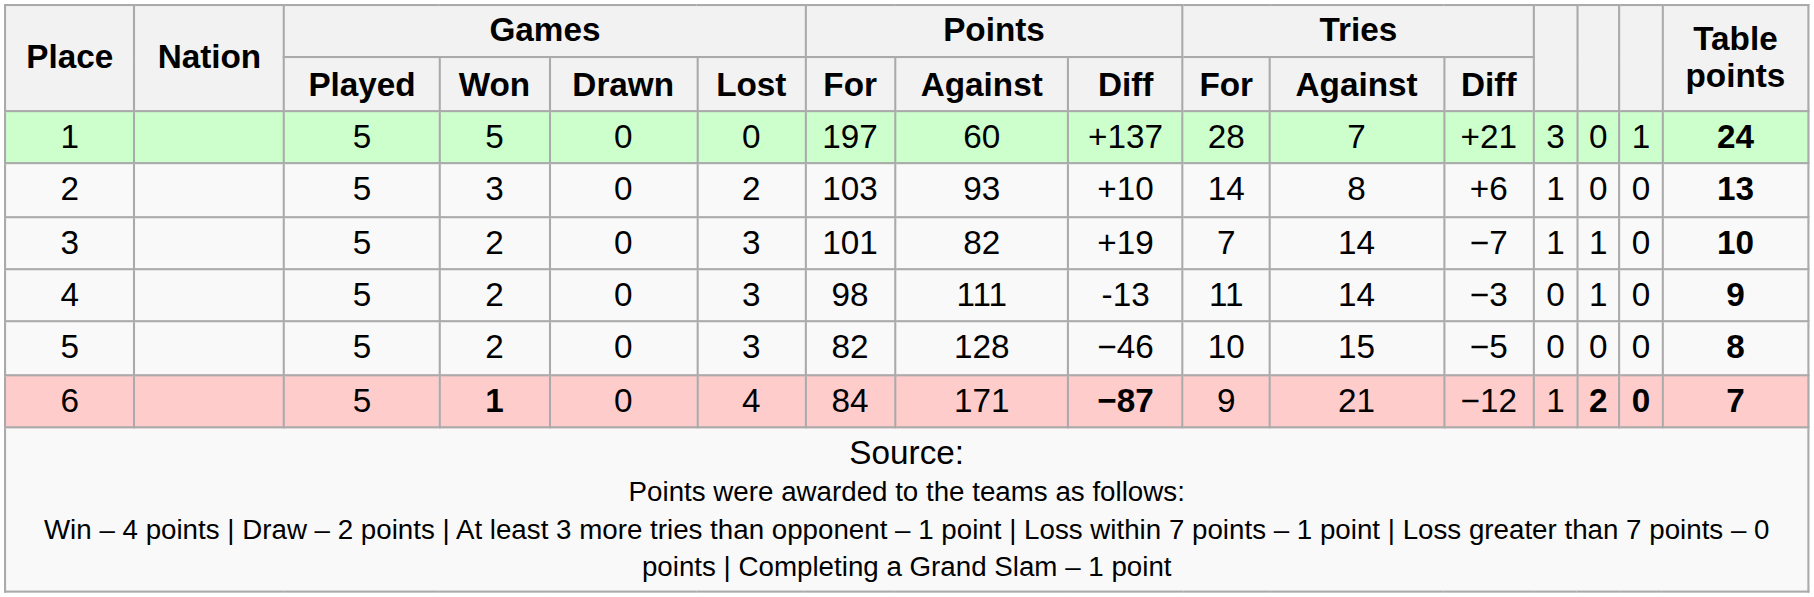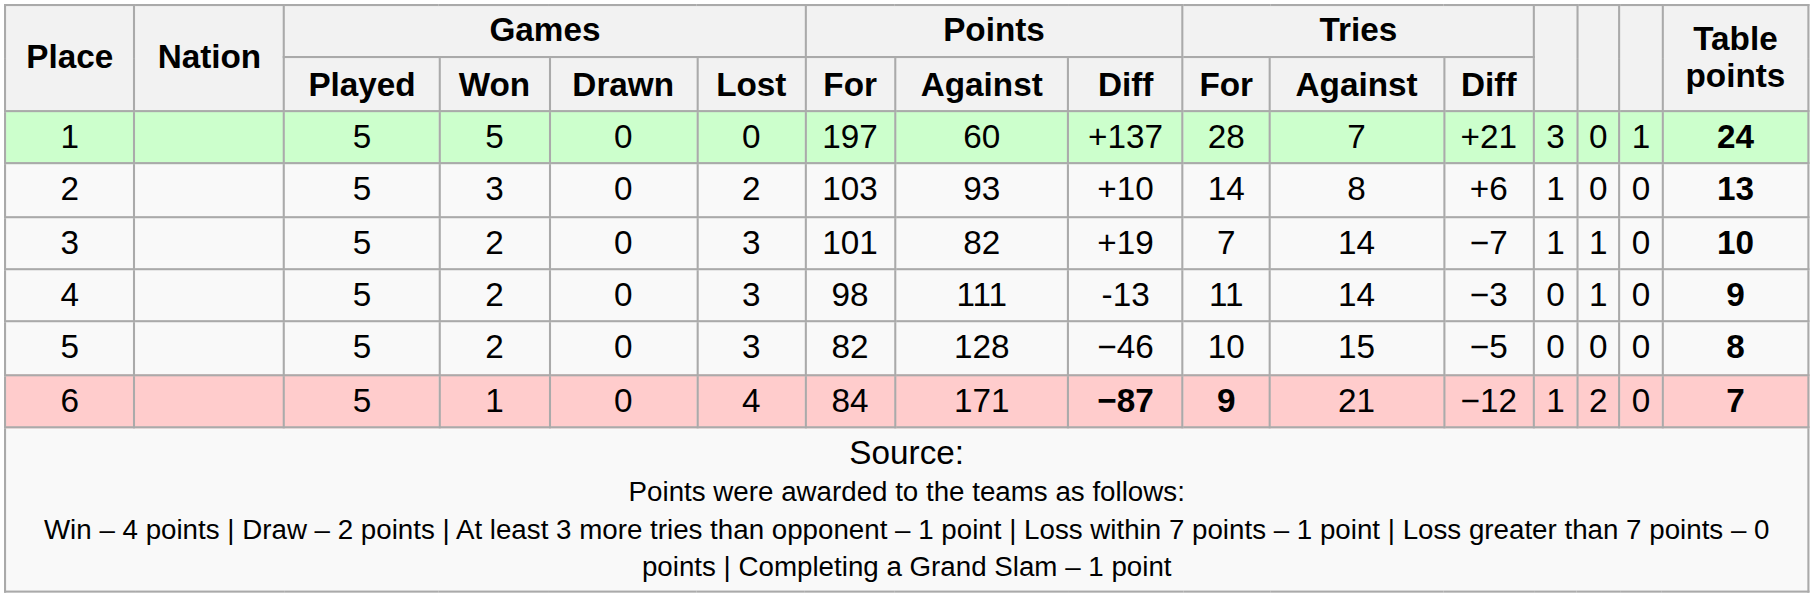 <table class="wikitable" style="text-align:center">
 <tr>
 <th rowspan="2">Place</th>
 <th rowspan="2">Nation</th>
 <th colspan="4">Games</th>
 <th colspan="3">Points</th>
 <th colspan="3">Tries</th>
 <th rowspan="2"></th>
 <th rowspan="2"></th>
 <th rowspan="2"></th>
 <th rowspan="2">Table<br>points</th>
 </tr>
 <tr>
 <th>Played</th>
 <th>Won</th>
 <th>Drawn</th>
 <th>Lost</th>
 <th>For</th>
 <th>Against</th>
 <th>Diff</th>
 <th>For</th>
 <th>Against</th>
 <th>Diff</th>
 </tr>
 <tr bgcolor="#ccffcc">
 <td>1</td>
 <td align=left></td>
 <td>5</td>
 <td>5</td>
 <td>0</td>
 <td>0</td>
 <td>197</td>
 <td>60</td>
 <td>+137</td>
 <td>28</td>
 <td>7</td>
 <td>+21</td>
 <td>3</td>
 <td>0</td>
 <td>1</td>
 <td><strong>24</strong></td>
 </tr>
 <tr>
 <td>2</td>
 <td align=left></td>
 <td>5</td>
 <td>3</td>
 <td>0</td>
 <td>2</td>
 <td>103</td>
 <td>93</td>
 <td>+10</td>
 <td>14</td>
 <td>8</td>
 <td>+6</td>
 <td>1</td>
 <td>0</td>
 <td>0</td>
 <td><strong>13</strong></td>
 </tr>
 <tr>
 <td>3</td>
 <td align=left></td>
 <td>5</td>
 <td>2</td>
 <td>0</td>
 <td>3</td>
 <td>101</td>
 <td>82</td>
 <td>+19</td>
 <td>7</td>
 <td>14</td>
 <td>−7</td>
 <td>1</td>
 <td>1</td>
 <td>0</td>
 <td><strong>10</strong></td>
 </tr>
 <tr>
 <td>4</td>
 <td align=left></td>
 <td>5</td>
 <td>2</td>
 <td>0</td>
 <td>3</td>
 <td>98</td>
 <td>111</td>
 <td>-13</td>
 <td>11</td>
 <td>14</td>
 <td>−3</td>
 <td>0</td>
 <td>1</td>
 <td>0</td>
 <td><strong>9</strong></td>
 </tr>
 <tr>
 <td>5</td>
 <td align=left></td>
 <td>5</td>
 <td>2</td>
 <td>0</td>
 <td>3</td>
 <td>82</td>
 <td>128</td>
 <td>−46</td>
 <td>10</td>
 <td>15</td>
 <td>−5</td>
 <td>0</td>
 <td>0</td>
 <td>0</td>
 <td><strong>8</strong></td>
 </tr>
 <tr bgcolor="#ffcccc">
 <td>6</td>
 <td align=left></td>
 <td>5</td>
-<td><strong>1</strong></td>
+<td>1</td>
 <td>0</td>
 <td>4</td>
 <td>84</td>
 <td>171</td>
 <td><strong>−87</strong></td>
-<td>9</td>
+<td><strong>9</strong></td>
 <td>21</td>
 <td>−12</td>
 <td>1</td>
-<td><strong>2</strong></td>
-<td><strong>0</strong></td>
+<td>2</td>
+<td>0</td>
 <td><strong>7</strong></td>
 </tr>
 <tr>
 <td colspan="100%" style="text-align:center">Source:<br><small>Points were awarded to the teams as follows:<br>Win – 4 points | Draw – 2 points | At least 3 more tries than opponent – 1 point | Loss within 7 points – 1 point | Loss greater than 7 points – 0 points | Completing a Grand Slam – 1 point</small><br></td>
 </tr>
 </table>
